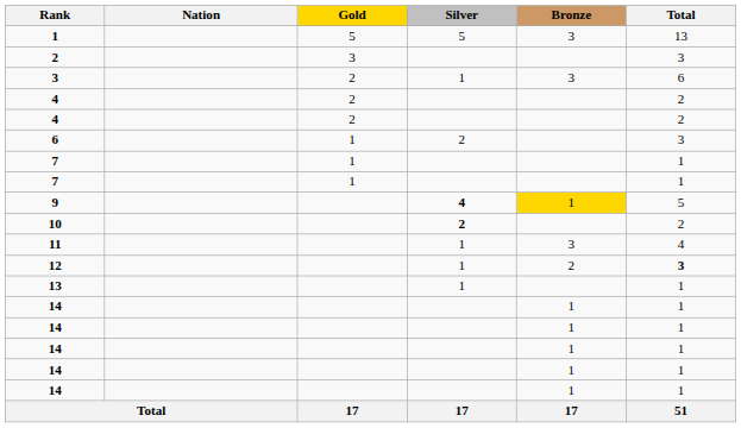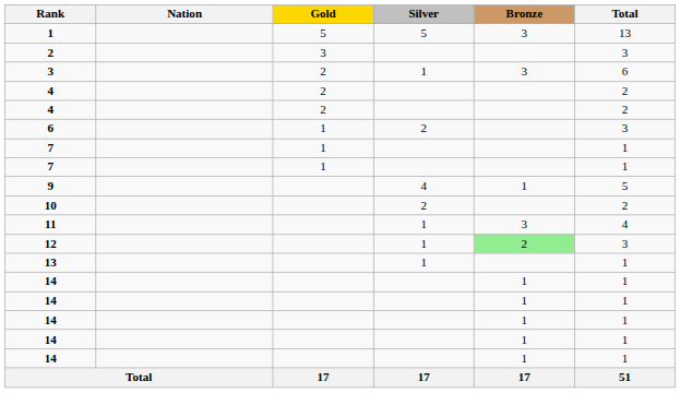 <table class="wikitable collapsible autocollapse plainrowheaders" width=70.5% style="text-align:center;">
 <tr style="background-color:#EDEDED;">
 <th width=100px class="hintergrundfarbe5">Rank</th>
 <th width=200px class="hintergrundfarbe6">Nation</th>
 <th style="background:    gold; width:15%">Gold</th>
 <th style="background:  silver; width:15%">Silver</th>
 <th style="background: #CC9966; width:15%">Bronze</th>
 <th class="hintergrundfarbe6" style="width:15%">Total</th>
 </tr>
 <tr>
 <td><strong>1</strong></td>
 <td align=left></td>
 <td>5</td>
 <td>5</td>
 <td>3</td>
 <td>13</td>
 </tr>
 <tr>
 <td><strong>2</strong></td>
 <td align=left></td>
 <td>3</td>
 <td></td>
 <td></td>
 <td>3</td>
 </tr>
 <tr>
 <td><strong>3</strong></td>
 <td align=left></td>
 <td>2</td>
 <td>1</td>
 <td>3</td>
 <td>6</td>
 </tr>
 <tr>
 <td><strong>4</strong></td>
 <td align=left></td>
 <td>2</td>
 <td></td>
 <td></td>
 <td>2</td>
 </tr>
 <tr>
 <td><strong>4</strong></td>
 <td align=left></td>
 <td>2</td>
 <td></td>
 <td></td>
 <td>2</td>
 </tr>
 <tr>
 <td><strong>6</strong></td>
 <td align=left></td>
 <td>1</td>
 <td>2</td>
 <td></td>
 <td>3</td>
 </tr>
 <tr>
 <td><strong>7</strong></td>
 <td align=left></td>
 <td>1</td>
 <td></td>
 <td></td>
 <td>1</td>
 </tr>
 <tr>
 <td><strong>7</strong></td>
 <td align=left></td>
 <td>1</td>
 <td></td>
 <td></td>
 <td>1</td>
 </tr>
 <tr>
 <td><strong>9</strong></td>
 <td align=left></td>
 <td></td>
-<td><strong>4</strong></td>
-<td style="background: gold;">1</td>
+<td>4</td>
+<td>1</td>
 <td>5</td>
 </tr>
 <tr>
 <td><strong>10</strong></td>
 <td align=left></td>
 <td></td>
-<td><strong>2</strong></td>
+<td>2</td>
 <td></td>
 <td>2</td>
 </tr>
 <tr>
 <td><strong>11</strong></td>
 <td align=left></td>
 <td></td>
 <td>1</td>
 <td>3</td>
 <td>4</td>
 </tr>
 <tr>
 <td><strong>12</strong></td>
 <td align=left></td>
 <td></td>
 <td>1</td>
-<td>2</td>
-<td><strong>3</strong></td>
+<td style="background: lightgreen;">2</td>
+<td>3</td>
 </tr>
 <tr>
 <td><strong>13</strong></td>
 <td align=left></td>
 <td></td>
 <td>1</td>
 <td></td>
 <td>1</td>
 </tr>
 <tr>
 <td><strong>14</strong></td>
 <td align=left></td>
 <td></td>
 <td></td>
 <td>1</td>
 <td>1</td>
 </tr>
 <tr>
 <td><strong>14</strong></td>
 <td align=left></td>
 <td></td>
 <td></td>
 <td>1</td>
 <td>1</td>
 </tr>
 <tr>
 <td><strong>14</strong></td>
 <td align=left></td>
 <td></td>
 <td></td>
 <td>1</td>
 <td>1</td>
 </tr>
 <tr>
 <td><strong>14</strong></td>
 <td align=left></td>
 <td></td>
 <td></td>
 <td>1</td>
 <td>1</td>
 </tr>
 <tr>
 <td><strong>14</strong></td>
 <td align=left></td>
 <td></td>
 <td></td>
 <td>1</td>
 <td>1</td>
 </tr>
 <tr>
 <th colspan=2>Total</th>
 <th>17</th>
 <th>17</th>
 <th>17</th>
 <th>51</th>
 </tr>
 </table>
